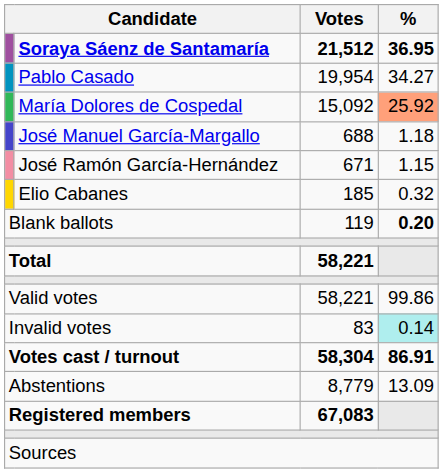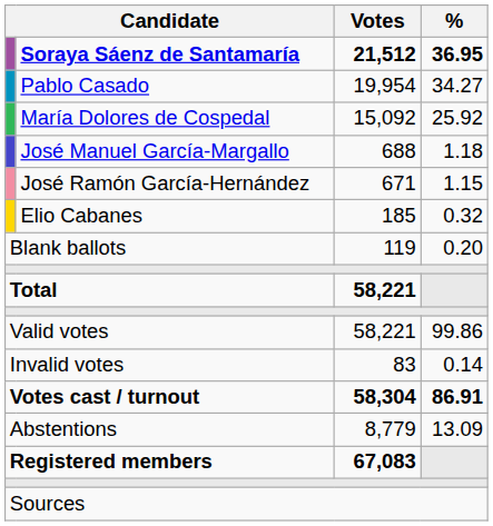 <table class="wikitable" style="text-align:right;">
 <tr>
 <th colspan="2" width="250">Candidate</th>
 <th width="60">Votes</th>
 <th width="45">%</th>
 </tr>
 <tr>
 <td width="1" style="color:inherit;background:#9F4F9F"></td>
 <td align="left"><strong><a href='#'>Soraya Sáenz de Santamaría</a></strong></td>
 <td><strong>21,512</strong></td>
 <td><strong>36.95</strong></td>
 </tr>
 <tr>
 <td style="color:inherit;background:#0093BF"></td>
 <td align="left"><a href='#'>Pablo Casado</a></td>
 <td>19,954</td>
 <td>34.27</td>
 </tr>
 <tr>
 <td style="color:inherit;background:#30B858"></td>
 <td align="left"><a href='#'>María Dolores de Cospedal</a></td>
 <td>15,092</td>
-<td style="background: lightsalmon;">25.92</td>
+<td>25.92</td>
 </tr>
 <tr>
 <td style="color:inherit;background:#4444CA"></td>
 <td align="left"><a href='#'>José Manuel García-Margallo</a></td>
 <td>688</td>
 <td>1.18</td>
 </tr>
 <tr>
 <td style="color:inherit;background:#F38DA3"></td>
 <td align="left">José Ramón García-Hernández</td>
 <td>671</td>
 <td>1.15</td>
 </tr>
 <tr>
 <td style="color:inherit;background:#FFD700"></td>
 <td align="left">Elio Cabanes</td>
 <td>185</td>
 <td>0.32</td>
 </tr>
 <tr>
 <td align="left" colspan="2">Blank ballots</td>
 <td>119</td>
-<td><strong>0.20</strong></td>
+<td>0.20</td>
 </tr>
 <tr>
 <td colspan="4" bgcolor="#E9E9E9"></td>
 </tr>
 <tr style="font-weight:bold;">
 <td align="left" colspan="2">Total</td>
 <td>58,221</td>
 <td bgcolor="#E9E9E9"></td>
 </tr>
 <tr>
 <td colspan="4" bgcolor="#E9E9E9"></td>
 </tr>
 <tr>
 <td align="left" colspan="2">Valid votes</td>
 <td>58,221</td>
 <td>99.86</td>
 </tr>
 <tr>
 <td align="left" colspan="2">Invalid votes</td>
 <td>83</td>
-<td style="background: paleturquoise;">0.14</td>
+<td>0.14</td>
 </tr>
 <tr style="font-weight:bold;">
 <td align="left" colspan="2">Votes cast / turnout</td>
 <td>58,304</td>
 <td>86.91</td>
 </tr>
 <tr>
 <td align="left" colspan="2">Abstentions</td>
 <td>8,779</td>
 <td>13.09</td>
 </tr>
 <tr style="font-weight:bold;">
 <td align="left" colspan="2">Registered members</td>
 <td>67,083</td>
 <td bgcolor="#E9E9E9"></td>
 </tr>
 <tr>
 <td colspan="4" bgcolor="#E9E9E9"></td>
 </tr>
 <tr>
 <td align="left" colspan="4">Sources</td>
 </tr>
 </table>
